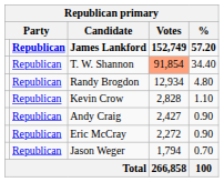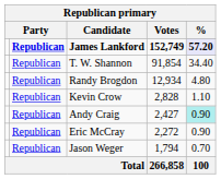 <table class=wikitable>
 <tr>
 <th colspan = 6>Republican primary</th>
 </tr>
 <tr>
 <th colspan=2>Party</th>
 <th>Candidate</th>
 <th>Votes</th>
 <th>%</th>
 </tr>
 <tr>
 <td></td>
 <td><strong><a href='#'>Republican</a></strong></td>
 <td><strong>James Lankford</strong></td>
 <td align=center><strong>152,749</strong></td>
-<td align=center><strong>57.20</strong></td>
+<td align=center style="background: lavender;"><strong>57.20</strong></td>
 </tr>
 <tr>
 <td></td>
 <td><a href='#'>Republican</a></td>
 <td>T. W. Shannon</td>
-<td align=center style="background: lightsalmon;">91,854</td>
+<td align=center>91,854</td>
 <td align=center>34.40</td>
 </tr>
 <tr>
 <td></td>
 <td><a href='#'>Republican</a></td>
 <td>Randy Brogdon</td>
 <td align=center>12,934</td>
 <td align=center>4.80</td>
 </tr>
 <tr>
 <td></td>
 <td><a href='#'>Republican</a></td>
 <td>Kevin Crow</td>
 <td align=center>2,828</td>
 <td align=center>1.10</td>
 </tr>
 <tr>
 <td></td>
 <td><a href='#'>Republican</a></td>
 <td>Andy Craig</td>
 <td align=center>2,427</td>
-<td align=center>0.90</td>
+<td align=center style="background: paleturquoise;">0.90</td>
 </tr>
 <tr>
 <td></td>
 <td><a href='#'>Republican</a></td>
 <td>Eric McCray</td>
 <td align=center>2,272</td>
 <td align=center>0.90</td>
 </tr>
 <tr>
 <td></td>
 <td><a href='#'>Republican</a></td>
 <td>Jason Weger</td>
 <td align=center>1,794</td>
 <td align=center>0.70</td>
 </tr>
 <tr>
 <th colspan=3; style="text-align:right;">Total</th>
 <th align=center>266,858</th>
 <th align=center>100</th>
 </tr>
 </table>
